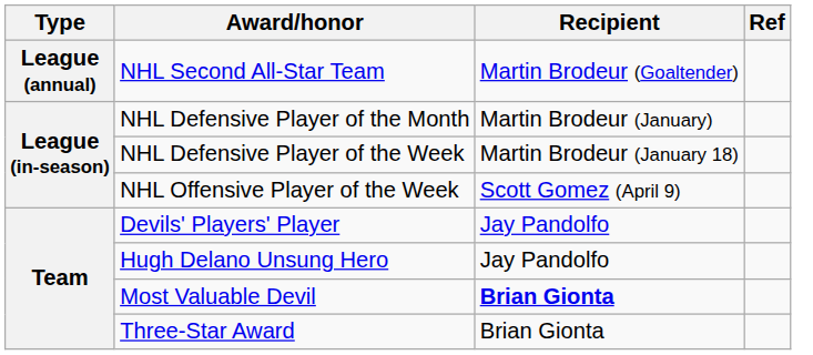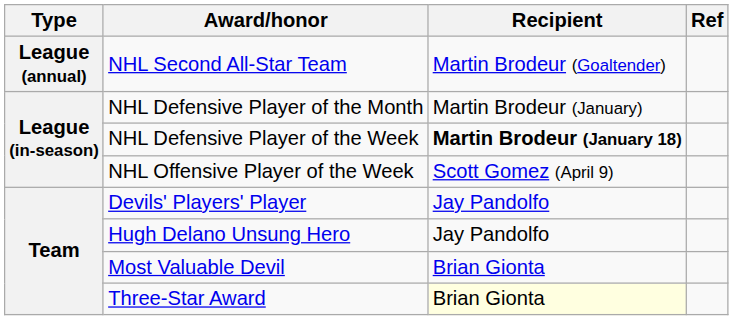 <table class="wikitable">
 <tr>
 <th scope="col">Type</th>
 <th scope="col">Award/honor</th>
 <th scope="col">Recipient</th>
 <th scope="col">Ref</th>
 </tr>
 <tr>
 <th scope="row">League<br><small>(annual)</small></th>
 <td><a href='#'>NHL Second All-Star Team</a></td>
 <td><a href='#'>Martin Brodeur</a> <small>(<a href='#'>Goaltender</a>)</small></td>
 <td></td>
 </tr>
 <tr>
 <th scope="row" rowspan="3">League<br><small>(in-season)</small></th>
 <td>NHL Defensive Player of the Month</td>
 <td>Martin Brodeur <small>(January)</small></td>
 <td></td>
 </tr>
 <tr>
 <td>NHL Defensive Player of the Week</td>
-<td>Martin Brodeur <small>(January 18)</small></td>
+<td><strong>Martin Brodeur <small>(January 18)</small></strong></td>
 <td></td>
 </tr>
 <tr>
 <td>NHL Offensive Player of the Week</td>
 <td><a href='#'>Scott Gomez</a> <small>(April 9)</small></td>
 <td></td>
 </tr>
 <tr>
 <th scope="row" rowspan="5">Team</th>
 <td><a href='#'>Devils' Players' Player</a></td>
 <td><a href='#'>Jay Pandolfo</a></td>
 <td></td>
 </tr>
 <tr>
 <td><a href='#'>Hugh Delano Unsung Hero</a></td>
 <td>Jay Pandolfo</td>
 <td></td>
 </tr>
 <tr>
 <td><a href='#'>Most Valuable Devil</a></td>
-<td><strong><a href='#'>Brian Gionta</a></strong></td>
+<td><a href='#'>Brian Gionta</a></td>
 <td></td>
 </tr>
 <tr>
 <td><a href='#'>Three-Star Award</a></td>
-<td>Brian Gionta</td>
+<td style="background: lightyellow;">Brian Gionta</td>
 <td></td>
 </tr>
 </table>
